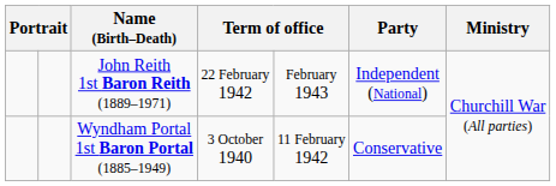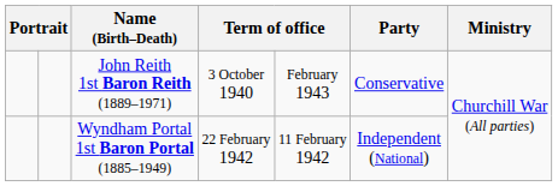 <table class="wikitable" style="text-align:center">
 <tr>
 <th colspan=2>Portrait</th>
 <th>Name<br><small>(Birth–Death)</small></th>
 <th colspan=2>Term of office</th>
 <th>Party</th>
 <th>Ministry</th>
 </tr>
 <tr>
 <td style="background-color:"></td>
 <td></td>
 <td><a href='#'>John Reith<br>1st <strong>Baron Reith</strong></a><br><small>(1889–1971)</small></td>
-<td><small>22 February</small><br>1942</td>
+<td><small>3 October</small><br>1940</td>
 <td><small>February</small><br>1943</td>
-<td><a href='#'>Independent</a><br>(<a href='#'><small>National</small></a>)</td>
+<td><a href='#'>Conservative</a></td>
 <td rowspan=2 ><a href='#'>Churchill War</a><br><small>(<em>All parties</em>)</small></td>
 </tr>
 <tr>
 <td style="background-color:"></td>
 <td></td>
 <td><a href='#'>Wyndham Portal<br>1st <strong>Baron Portal</strong></a><br><small>(1885–1949)</small></td>
-<td><small>3 October</small><br>1940</td>
+<td><small>22 February</small><br>1942</td>
 <td><small>11 February</small><br>1942</td>
-<td><a href='#'>Conservative</a></td>
+<td><a href='#'>Independent</a><br>(<a href='#'><small>National</small></a>)</td>
 </tr>
 </table>
